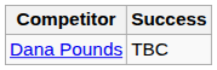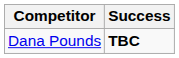 <table class="wikitable">
 <tr>
 <th>Competitor</th>
 <th>Success</th>
 </tr>
 <tr>
 <td><a href='#'>Dana Pounds</a></td>
-<td>TBC</td>
+<td><strong>TBC</strong></td>
 </tr>
 </table>
